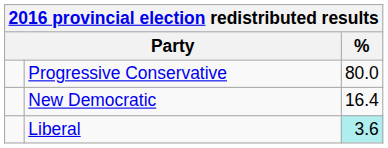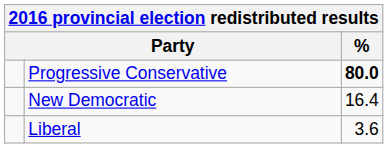 <table class="wikitable">
 <tr>
 <th colspan="4"><a href='#'>2016 provincial election</a> redistributed results</th>
 </tr>
 <tr>
 <th bgcolor="#DDDDFF" width="130px" colspan="2">Party</th>
 <th bgcolor="#DDDDFF" width="30px">%</th>
 </tr>
 <tr>
 <td> </td>
 <td><a href='#'>Progressive Conservative</a></td>
-<td align=right>80.0</td>
+<td align=right><strong>80.0</strong></td>
 </tr>
 <tr>
 <td> </td>
 <td><a href='#'>New Democratic</a></td>
 <td align=right>16.4</td>
 </tr>
 <tr>
 <td> </td>
 <td><a href='#'>Liberal</a></td>
-<td align=right style="background: paleturquoise;">3.6</td>
+<td align=right>3.6</td>
 </tr>
 </table>
